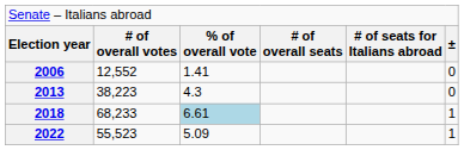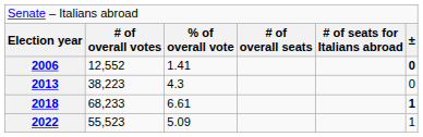 <table class=wikitable>
 <tr>
 <td colspan=7><a href='#'>Senate</a> – Italians abroad</td>
 </tr>
 <tr>
 <th>Election year</th>
 <th># of<br>overall votes</th>
 <th>% of<br>overall vote</th>
 <th># of <br>overall seats</th>
 <th># of seats for<br>Italians abroad</th>
 <th>±</th>
 </tr>
 <tr>
 <th><a href='#'>2006</a></th>
 <td>12,552</td>
 <td>1.41</td>
 <td></td>
 <td></td>
-<td> 0</td>
+<td><strong> 0</strong></td>
 </tr>
 <tr>
 <th><a href='#'>2013</a></th>
 <td>38,223</td>
 <td>4.3</td>
 <td></td>
 <td></td>
 <td> 0</td>
 </tr>
 <tr>
 <th><a href='#'>2018</a></th>
 <td>68,233</td>
-<td style="background: lightblue;">6.61</td>
+<td>6.61</td>
 <td></td>
 <td></td>
-<td> 1</td>
+<td><strong> 1</strong></td>
 </tr>
 <tr>
 <th><a href='#'>2022</a></th>
 <td>55,523</td>
 <td>5.09</td>
 <td></td>
 <td></td>
 <td> 1</td>
 </tr>
 </table>
